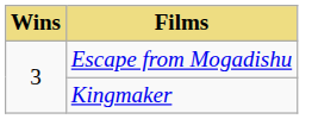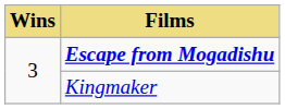 <table class="wikitable" align="center">
 <tr>
 <th style="background:#EEDD82; text-align:center">Wins</th>
 <th style="background:#EEDD82; text-align:center">Films</th>
 </tr>
 <tr>
 <td rowspan="2" style="text-align:center">3</td>
-<td><em><a href='#'>Escape from Mogadishu</a></em></td>
+<td><strong><em><a href='#'>Escape from Mogadishu</a></em></strong></td>
 </tr>
 <tr>
 <td><em><a href='#'>Kingmaker</a></em></td>
 </tr>
 </table>
